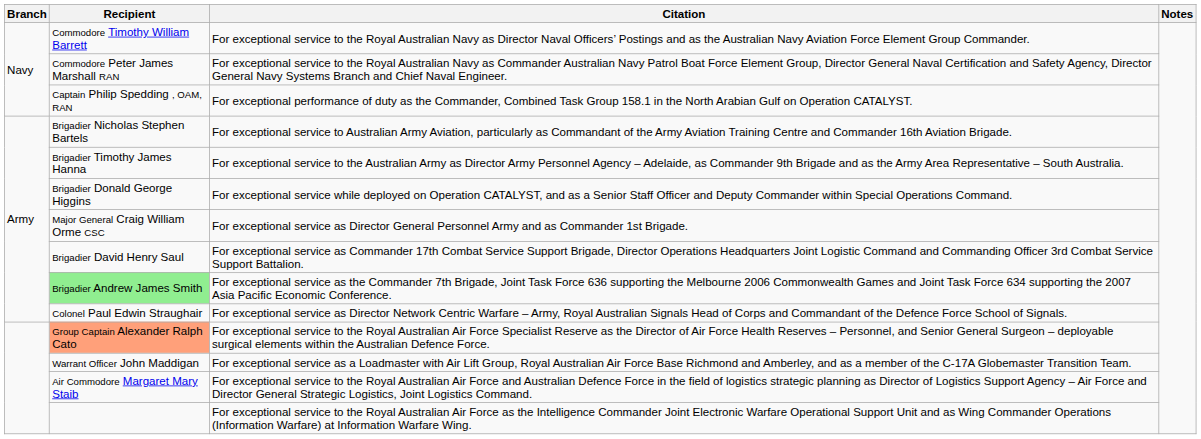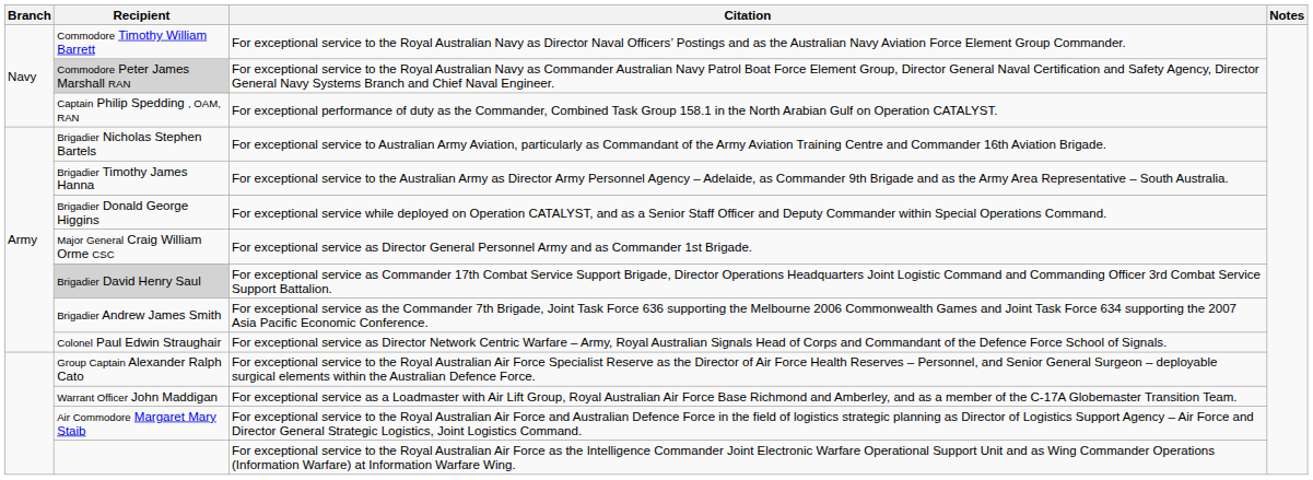 <table class="wikitable" style="font-size:95%;">
 <tr>
 <th>Branch</th>
 <th>Recipient</th>
 <th>Citation</th>
 <th>Notes</th>
 </tr>
 <tr>
 <td rowspan=3>Navy</td>
 <td><small>Commodore</small> <a href='#'>Timothy William Barrett</a></td>
 <td>For exceptional service to the Royal Australian Navy as Director Naval Officers’ Postings and as the Australian Navy Aviation Force Element Group Commander.</td>
 <td rowspan=20></td>
 </tr>
 <tr>
-<td><small>Commodore</small> Peter James Marshall <small>RAN</small></td>
+<td style="background: lightgrey;"><small>Commodore</small> Peter James Marshall <small>RAN</small></td>
 <td>For exceptional service to the Royal Australian Navy as Commander Australian Navy Patrol Boat Force Element Group, Director General Naval Certification and Safety Agency, Director General Navy Systems Branch and Chief Naval Engineer.</td>
 </tr>
 <tr>
 <td><small>Captain</small> Philip Spedding <small>, OAM, RAN</small></td>
 <td>For exceptional performance of duty as the Commander, Combined Task Group 158.1 in the North Arabian Gulf on Operation CATALYST.</td>
 </tr>
 <tr>
 <td rowspan=7>Army</td>
 <td><small>Brigadier</small> Nicholas Stephen Bartels</td>
 <td>For exceptional service to Australian Army Aviation, particularly as Commandant of the Army Aviation Training Centre and Commander 16th Aviation Brigade.</td>
 </tr>
 <tr>
 <td><small>Brigadier</small> Timothy James Hanna</td>
 <td>For exceptional service to the Australian Army as Director Army Personnel Agency – Adelaide, as Commander 9th Brigade and as the Army Area Representative – South Australia.</td>
 </tr>
 <tr>
 <td><small>Brigadier</small> Donald George Higgins</td>
 <td>For exceptional service while deployed on Operation CATALYST, and as a Senior Staff Officer and Deputy Commander within Special Operations Command.</td>
 </tr>
 <tr>
 <td><small>Major General</small> Craig William Orme <small>CSC</small></td>
 <td>For exceptional service as Director General Personnel Army and as Commander 1st Brigade.</td>
 </tr>
 <tr>
-<td><small>Brigadier</small> David Henry Saul</td>
+<td style="background: lightgrey;"><small>Brigadier</small> David Henry Saul</td>
 <td>For exceptional service as Commander 17th Combat Service Support Brigade, Director Operations Headquarters Joint Logistic Command and Commanding Officer 3rd Combat Service Support Battalion.</td>
 </tr>
 <tr>
-<td style="background: lightgreen;"><small>Brigadier</small> Andrew James Smith</td>
+<td><small>Brigadier</small> Andrew James Smith</td>
 <td>For exceptional service as the Commander 7th Brigade, Joint Task Force 636 supporting the Melbourne 2006 Commonwealth Games and Joint Task Force 634 supporting the 2007 Asia Pacific Economic Conference.</td>
 </tr>
 <tr>
 <td><small>Colonel</small> Paul Edwin Straughair</td>
 <td>For exceptional service as Director Network Centric Warfare – Army, Royal Australian Signals Head of Corps and Commandant of the Defence Force School of Signals.</td>
 </tr>
 <tr>
 <td rowspan=4></td>
-<td style="background: lightsalmon;"><small>Group Captain</small> Alexander Ralph Cato </td>
+<td><small>Group Captain</small> Alexander Ralph Cato </td>
 <td>For exceptional service to the Royal Australian Air Force Specialist Reserve as the Director of Air Force Health Reserves – Personnel, and Senior General Surgeon – deployable surgical elements within the Australian Defence Force.</td>
 </tr>
 <tr>
 <td><small>Warrant Officer</small> John Maddigan</td>
 <td>For exceptional service as a Loadmaster with Air Lift Group, Royal Australian Air Force Base Richmond and Amberley, and as a member of the C-17A Globemaster Transition Team.</td>
 </tr>
 <tr>
 <td><small>Air Commodore</small> <a href='#'>Margaret Mary Staib</a> </td>
 <td>For exceptional service to the Royal Australian Air Force and Australian Defence Force in the field of logistics strategic planning as Director of Logistics Support Agency – Air Force and Director General Strategic Logistics, Joint Logistics Command.</td>
 </tr>
 <tr>
 <td></td>
 <td>For exceptional service to the Royal Australian Air Force as the Intelligence Commander Joint Electronic Warfare Operational Support Unit and as Wing Commander Operations (Information Warfare) at Information Warfare Wing.</td>
 </tr>
 </table>
